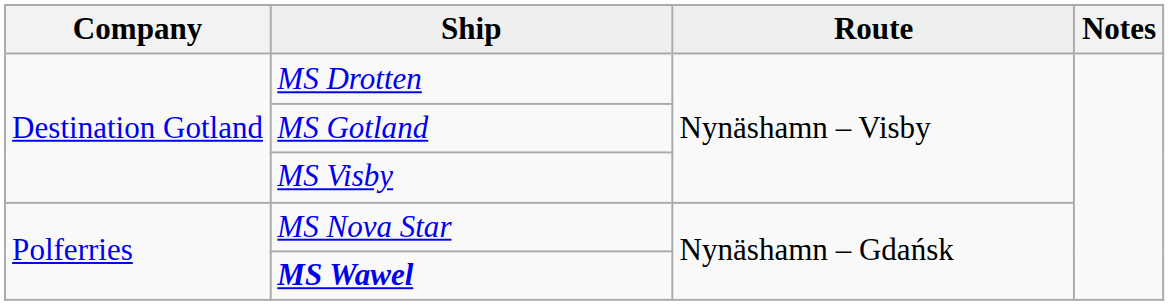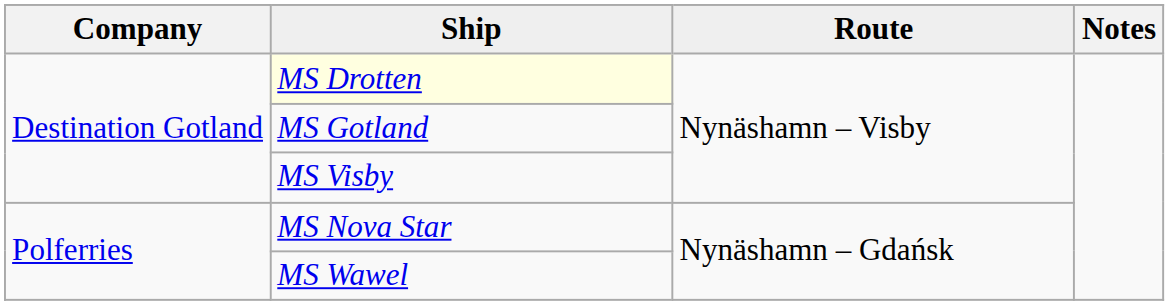 <table class="wikitable">
 <tr>
 <th>Company</th>
 <th style="background: #efefef; border-bottom: 1px;width:200px;">Ship</th>
 <th style="background: #efefef; border-bottom: 1px;width:200px;">Route</th>
 <th>Notes</th>
 </tr>
 <tr>
 <td rowspan="3"> <a href='#'>Destination Gotland</a></td>
-<td rowspan="1"><em><a href='#'>MS Drotten</a></em></td>
+<td rowspan="1" style="background: lightyellow;"><em><a href='#'>MS Drotten</a></em></td>
 <td rowspan="3">Nynäshamn – Visby</td>
 </tr>
 <tr>
 <td rowspan="1"><em><a href='#'>MS Gotland</a></em></td>
 </tr>
 <tr>
 <td rowspan="1"><em><a href='#'>MS Visby</a></em></td>
 </tr>
 <tr>
 <td rowspan="2"> <a href='#'>Polferries</a></td>
 <td rowspan="1"><em><a href='#'>MS Nova Star</a></em></td>
 <td rowspan="2">Nynäshamn – Gdańsk</td>
 </tr>
 <tr>
-<td rowspan="1"><strong><em><a href='#'>MS Wawel</a></em></strong></td>
+<td rowspan="1"><em><a href='#'>MS Wawel</a></em></td>
 </tr>
 </table>
